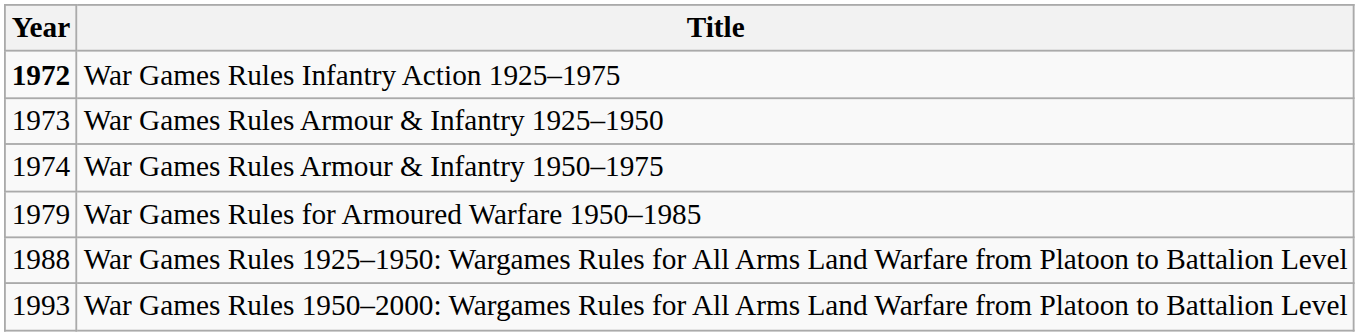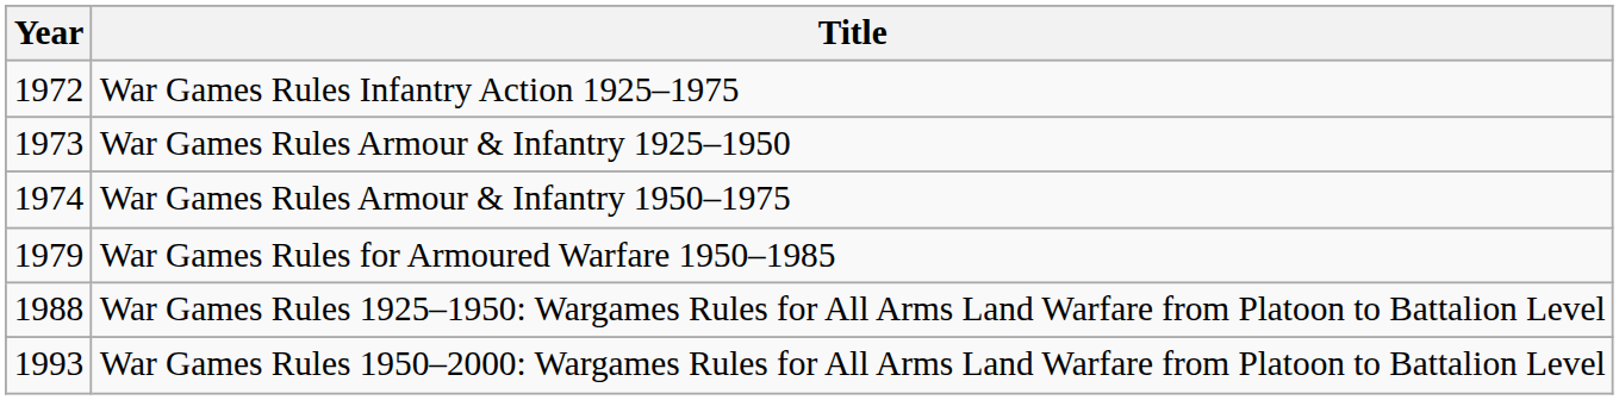 <table class="wikitable">
 <tr>
 <th>Year</th>
 <th>Title</th>
 </tr>
 <tr>
-<td><strong>1972</strong></td>
+<td>1972</td>
 <td>War Games Rules Infantry Action 1925–1975</td>
 </tr>
 <tr>
 <td>1973</td>
 <td>War Games Rules Armour & Infantry 1925–1950</td>
 </tr>
 <tr>
 <td>1974</td>
 <td>War Games Rules Armour & Infantry 1950–1975</td>
 </tr>
 <tr>
 <td>1979</td>
 <td>War Games Rules for Armoured Warfare 1950–1985</td>
 </tr>
 <tr>
 <td>1988</td>
 <td>War Games Rules 1925–1950: Wargames Rules for All Arms Land Warfare from Platoon to Battalion Level</td>
 </tr>
 <tr>
 <td>1993</td>
 <td>War Games Rules 1950–2000: Wargames Rules for All Arms Land Warfare from Platoon to Battalion Level</td>
 </tr>
 </table>
